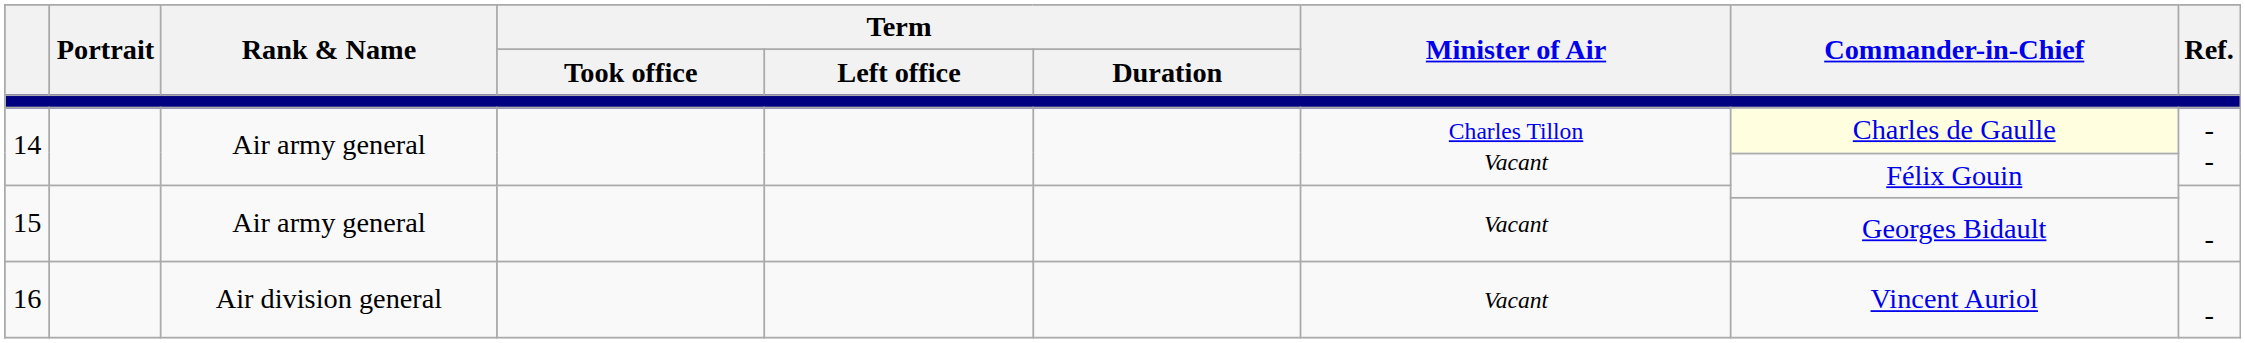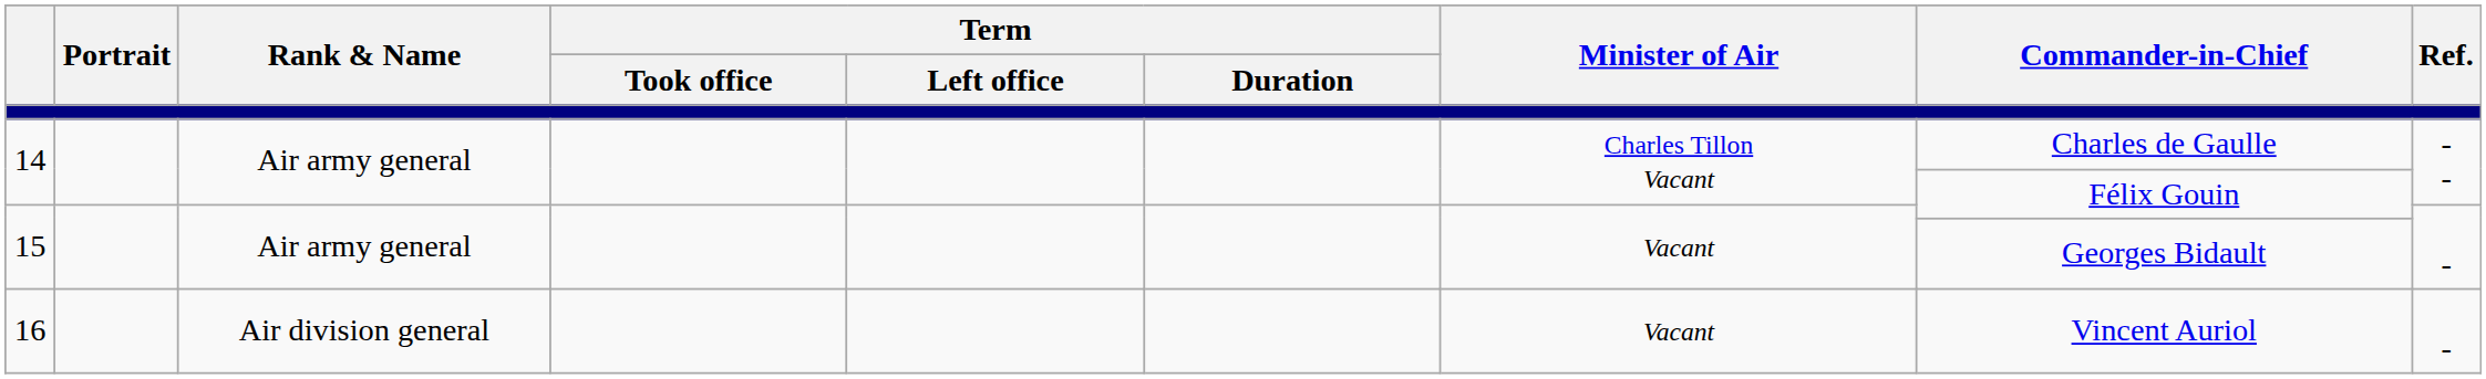 <table class="wikitable" style="text-align:center; width:100%">
 <tr>
 <th style="width:2%" rowspan=2></th>
 <th style="width:5%" rowspan=2>Portrait</th>
 <th style="width:15%" rowspan=2>Rank & Name</th>
 <th colspan=3>Term</th>
 <th rowspan=2><a href='#'>Minister of Air</a></th>
 <th style="width:20%" rowspan=2><a href='#'>Commander-in-Chief</a></th>
 <th style="width:2%" rowspan=2>Ref.</th>
 </tr>
 <tr>
 <th style="width:12%">Took office </th>
 <th style="width:12%">Left office </th>
 <th style="width:12%">Duration</th>
 </tr>
 <tr bgcolor="navy">
 <td colspan=9></td>
 </tr>
 <tr>
 <td rowspan=2>14</td>
 <td rowspan=2></td>
 <td rowspan=2>Air army general<br><strong></strong></td>
 <td rowspan=2></td>
 <td rowspan=2></td>
 <td rowspan=2></td>
 <td rowspan=2><small><a href='#'>Charles Tillon</a><br><em>Vacant</em></small></td>
-<td style="background: lightyellow;"><a href='#'>Charles de Gaulle</a></td>
+<td><a href='#'>Charles de Gaulle</a></td>
 <td rowspan=2>-<br>-</td>
 </tr>
 <tr>
 <td rowspan=2><a href='#'>Félix Gouin</a></td>
 </tr>
 <tr>
 <td rowspan=2>15</td>
 <td rowspan=2></td>
 <td rowspan=2>Air army general<br><strong></strong></td>
 <td rowspan=2></td>
 <td rowspan=2></td>
 <td rowspan=2></td>
 <td rowspan=2><small><em>Vacant</em></small></td>
 <td rowspan=2><br>-</td>
 </tr>
 <tr>
 <td rowspan=2><a href='#'>Georges Bidault</a></td>
 </tr>
 <tr>
 <td rowspan=2>16</td>
 <td rowspan=2></td>
 <td rowspan=2>Air division general<br><strong></strong></td>
 <td rowspan=2></td>
 <td rowspan=2></td>
 <td rowspan=2></td>
 <td rowspan=2><small><em>Vacant</em></small></td>
 <td rowspan=2><br>-</td>
 </tr>
 <tr>
 <td><a href='#'>Vincent Auriol</a></td>
 </tr>
 </table>
